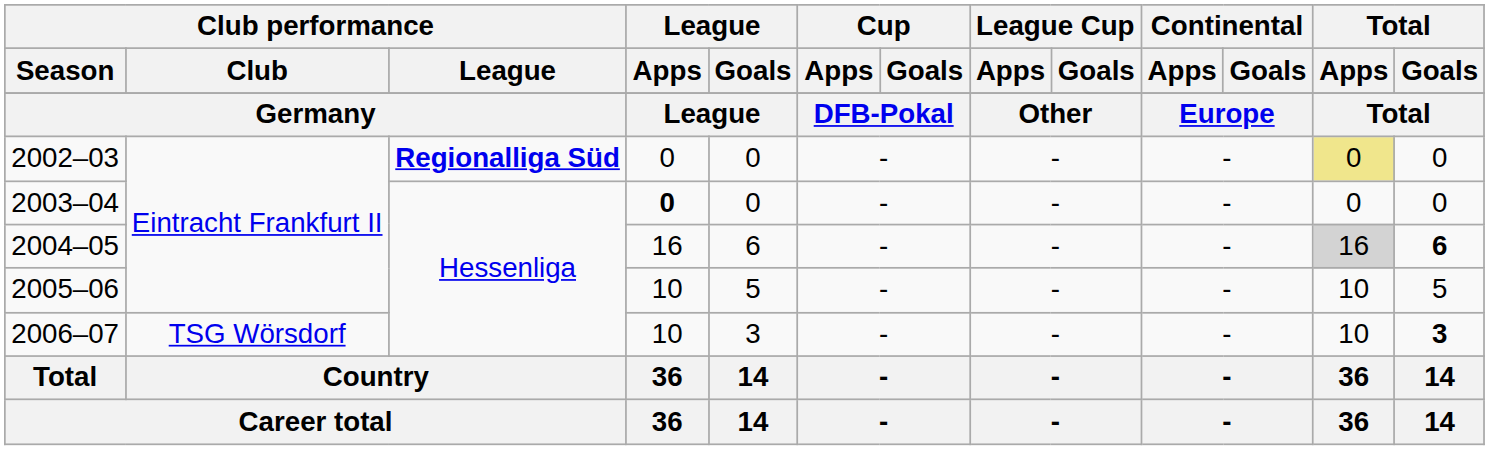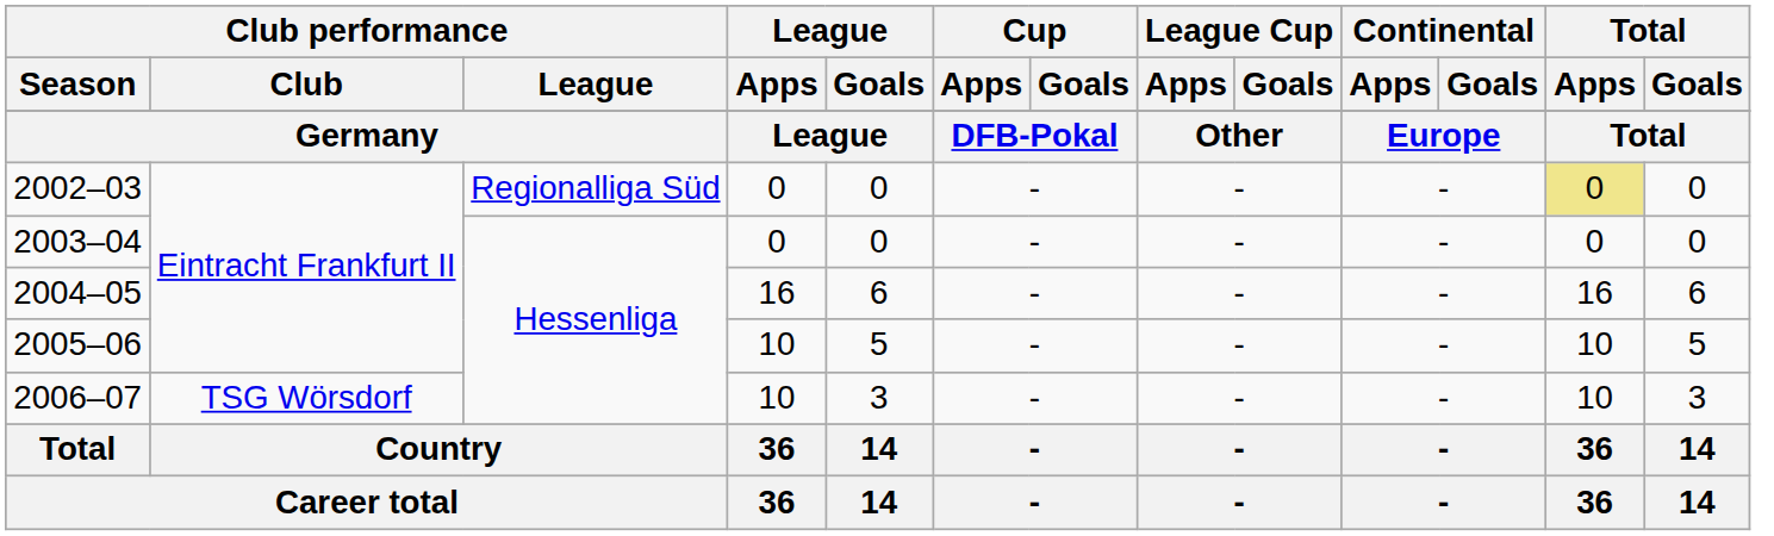 <table class="wikitable" style="text-align:center">
 <tr>
 <th colspan=3>Club performance</th>
 <th colspan=2>League</th>
 <th colspan=2>Cup</th>
 <th colspan=2>League Cup</th>
 <th colspan=2>Continental</th>
 <th colspan=2>Total</th>
 </tr>
 <tr>
 <th>Season</th>
 <th>Club</th>
 <th>League</th>
 <th>Apps</th>
 <th>Goals</th>
 <th>Apps</th>
 <th>Goals</th>
 <th>Apps</th>
 <th>Goals</th>
 <th>Apps</th>
 <th>Goals</th>
 <th>Apps</th>
 <th>Goals</th>
 </tr>
 <tr>
 </tr>
 <tr>
 <th colspan=3>Germany</th>
 <th colspan=2>League</th>
 <th colspan=2><a href='#'>DFB-Pokal</a></th>
 <th colspan=2>Other</th>
 <th colspan=2><a href='#'>Europe</a></th>
 <th colspan=2>Total</th>
 </tr>
 <tr>
 <td>2002–03</td>
 <td rowspan="4"><a href='#'>Eintracht Frankfurt II</a></td>
-<td><strong><a href='#'>Regionalliga Süd</a></strong></td>
+<td><a href='#'>Regionalliga Süd</a></td>
 <td>0</td>
 <td>0</td>
 <td colspan="2">-</td>
 <td colspan="2">-</td>
 <td colspan="2">-</td>
 <td style="background: khaki;">0</td>
 <td>0</td>
 </tr>
 <tr>
 <td>2003–04</td>
 <td rowspan="4"><a href='#'>Hessenliga</a></td>
-<td><strong>0</strong></td>
+<td>0</td>
 <td>0</td>
 <td colspan="2">-</td>
 <td colspan="2">-</td>
 <td colspan="2">-</td>
 <td>0</td>
 <td>0</td>
 </tr>
 <tr>
 <td>2004–05</td>
 <td>16</td>
 <td>6</td>
 <td colspan="2">-</td>
 <td colspan="2">-</td>
 <td colspan="2">-</td>
-<td style="background: lightgrey;">16</td>
-<td><strong>6</strong></td>
+<td>16</td>
+<td>6</td>
 </tr>
 <tr>
 <td>2005–06</td>
 <td>10</td>
 <td>5</td>
 <td colspan="2">-</td>
 <td colspan="2">-</td>
 <td colspan="2">-</td>
 <td>10</td>
 <td>5</td>
 </tr>
 <tr>
 <td>2006–07</td>
 <td><a href='#'>TSG Wörsdorf</a></td>
 <td>10</td>
 <td>3</td>
 <td colspan="2">-</td>
 <td colspan="2">-</td>
 <td colspan="2">-</td>
 <td>10</td>
-<td><strong>3</strong></td>
+<td>3</td>
 </tr>
 <tr>
 <th rowspan=GER>Total</th>
 <th colspan=2>Country</th>
 <th>36</th>
 <th>14</th>
 <th colspan="2">-</th>
 <th colspan="2">-</th>
 <th colspan="2">-</th>
 <th>36</th>
 <th>14</th>
 </tr>
 <tr>
 <th colspan=3>Career total</th>
 <th>36</th>
 <th>14</th>
 <th colspan="2">-</th>
 <th colspan="2">-</th>
 <th colspan="2">-</th>
 <th>36</th>
 <th>14</th>
 </tr>
 </table>
